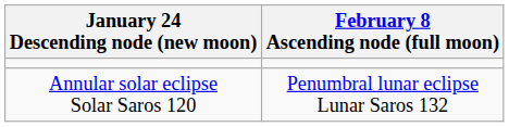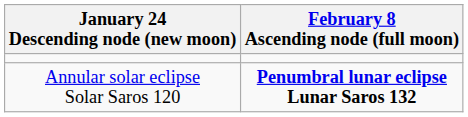 <table class="wikitable">
 <tr>
 <th>January 24<br>Descending node (new moon)</th>
 <th><a href='#'>February 8</a><br>Ascending node (full moon)</th>
 </tr>
 <tr>
 <td></td>
 <td></td>
 </tr>
 <tr align=center>
 <td><a href='#'>Annular solar eclipse</a><br>Solar Saros 120</td>
-<td><a href='#'>Penumbral lunar eclipse</a><br>Lunar Saros 132</td>
+<td><strong><a href='#'>Penumbral lunar eclipse</a><br>Lunar Saros 132</strong></td>
 </tr>
 </table>
